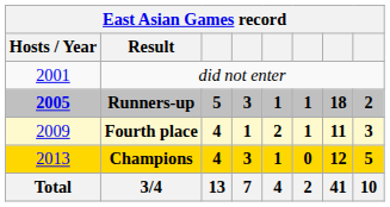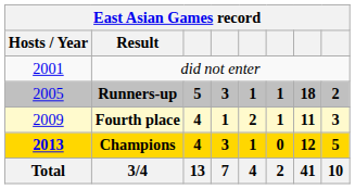 <table class="wikitable" style="text-align: center;font-size:95%;">
 <tr>
 <th colspan=8><a href='#'>East Asian Games</a> record</th>
 </tr>
 <tr>
 <th>Hosts / Year</th>
 <th>Result</th>
 <th width=20></th>
 <th width=20></th>
 <th width=20></th>
 <th width=20></th>
 <th width=20></th>
 <th width=20></th>
 </tr>
 <tr>
 <td> <a href='#'>2001</a></td>
 <td colspan=7><em>did not enter</em></td>
 </tr>
 <tr bgcolor=silver>
-<td><strong> <a href='#'>2005</a></strong></td>
+<td> <a href='#'>2005</a></td>
 <td><strong>Runners-up</strong></td>
 <td><strong>5</strong></td>
 <td><strong>3</strong></td>
 <td><strong>1</strong></td>
 <td><strong>1</strong></td>
 <td><strong>18</strong></td>
 <td><strong>2</strong></td>
 </tr>
 <tr style="background:LemonChiffon;">
 <td> <a href='#'>2009</a></td>
 <td><strong>Fourth place</strong></td>
 <td><strong>4</strong></td>
 <td><strong>1</strong></td>
 <td><strong>2</strong></td>
 <td><strong>1</strong></td>
 <td><strong>11</strong></td>
 <td><strong>3</strong></td>
 </tr>
 <tr bgcolor=gold>
-<td> <a href='#'>2013</a></td>
+<td><strong> <a href='#'>2013</a></strong></td>
 <td><strong>Champions</strong></td>
 <td><strong>4</strong></td>
 <td><strong>3</strong></td>
 <td><strong>1</strong></td>
 <td><strong>0</strong></td>
 <td><strong>12</strong></td>
 <td><strong>5</strong></td>
 </tr>
 <tr>
 <th><strong>Total</strong></th>
 <th><strong>3/4</strong></th>
 <th><strong>13</strong></th>
 <th><strong>7</strong></th>
 <th><strong>4</strong></th>
 <th><strong>2</strong></th>
 <th><strong>41</strong></th>
 <th><strong>10</strong></th>
 </tr>
 </table>
